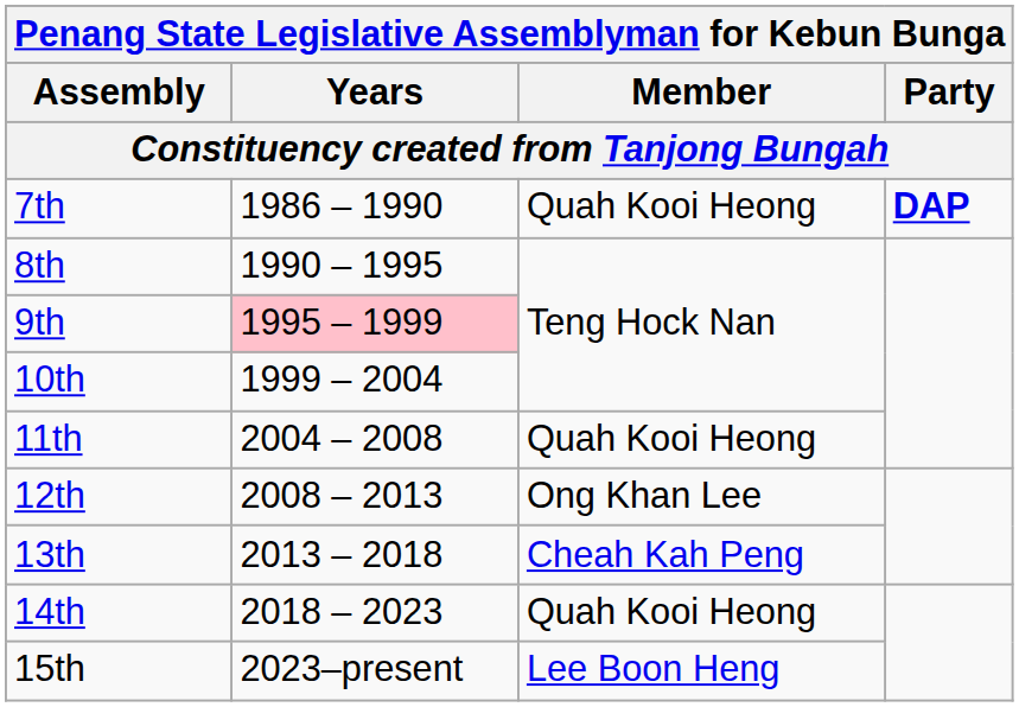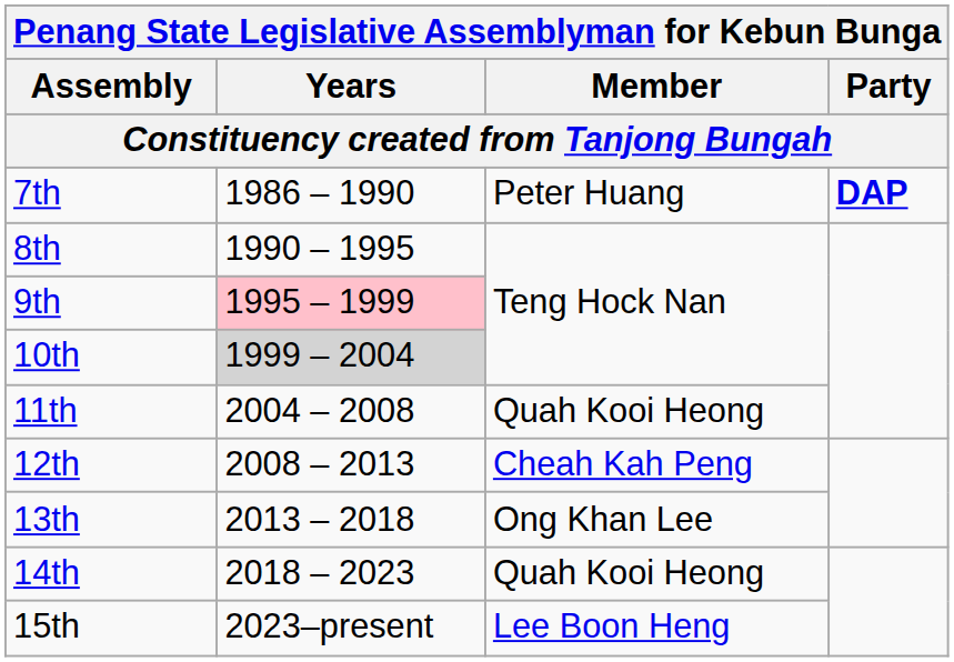 <table class="wikitable">
 <tr>
 <th colspan="4"><a href='#'>Penang State Legislative Assemblyman</a> for Kebun Bunga</th>
 </tr>
 <tr>
 <th>Assembly</th>
 <th>Years</th>
 <th>Member</th>
 <th>Party</th>
 </tr>
 <tr>
 <th colspan="4" align="center"><em>Constituency created from <a href='#'>Tanjong Bungah</a></em></th>
 </tr>
 <tr>
 <td><a href='#'>7th</a></td>
 <td>1986 – 1990</td>
-<td>Quah Kooi Heong</td>
+<td>Peter Huang</td>
 <td><strong><a href='#'>DAP</a></strong></td>
 </tr>
 <tr>
 <td><a href='#'>8th</a></td>
 <td>1990 – 1995</td>
 <td rowspan="3">Teng Hock Nan</td>
 <td rowspan="4"></td>
 </tr>
 <tr>
 <td><a href='#'>9th</a></td>
 <td style="background: pink;">1995 – 1999</td>
 </tr>
 <tr>
 <td><a href='#'>10th</a></td>
-<td>1999 – 2004</td>
+<td style="background: lightgrey;">1999 – 2004</td>
 </tr>
 <tr>
 <td><a href='#'>11th</a></td>
 <td>2004 – 2008</td>
 <td>Quah Kooi Heong</td>
 </tr>
 <tr>
 <td><a href='#'>12th</a></td>
 <td>2008 – 2013</td>
-<td>Ong Khan Lee</td>
+<td><a href='#'>Cheah Kah Peng</a></td>
 <td rowspan="2"></td>
 </tr>
 <tr>
 <td><a href='#'>13th</a></td>
 <td>2013 – 2018</td>
-<td><a href='#'>Cheah Kah Peng</a></td>
+<td>Ong Khan Lee</td>
 </tr>
 <tr>
 <td><a href='#'>14th</a></td>
 <td>2018 – 2023</td>
 <td>Quah Kooi Heong</td>
 <td rowspan=2></td>
 </tr>
 <tr>
 <td>15th</td>
 <td>2023–present</td>
 <td><a href='#'>Lee Boon Heng</a></td>
 </tr>
 </table>
